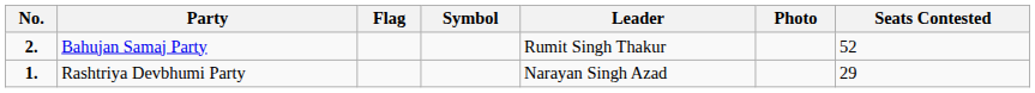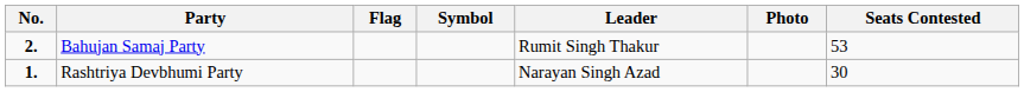 <table class="wikitable" width="60%">
 <tr>
 <th>No.</th>
 <th>Party</th>
 <th>Flag</th>
 <th>Symbol</th>
 <th>Leader</th>
 <th>Photo</th>
 <th>Seats Contested</th>
 </tr>
 <tr>
 <td ! style="text-align:center; background:"><strong>2.</strong></td>
 <td><a href='#'>Bahujan Samaj Party</a></td>
 <td></td>
 <td></td>
 <td>Rumit Singh Thakur</td>
 <td></td>
-<td>52</td>
+<td>53</td>
 </tr>
 <tr>
 <td ! style="text-align:center; background:"><strong>1.</strong></td>
 <td>Rashtriya Devbhumi Party</td>
 <td></td>
 <td></td>
 <td>Narayan Singh Azad</td>
 <td></td>
-<td>29</td>
+<td>30</td>
 </tr>
 </table>
